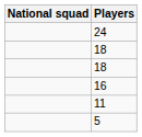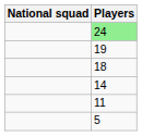 <table class="wikitable sortable">
 <tr>
 <th>National squad</th>
 <th>Players</th>
 </tr>
 <tr>
 <td></td>
-<td>24</td>
+<td style="background: lightgreen;">24</td>
+</tr>
+<tr>
+<td></td>
+<td>19</td>
 </tr>
 <tr>
 <td></td>
 <td>18</td>
 </tr>
 <tr>
 <td></td>
-<td>18</td>
-</tr>
-<tr>
-<td></td>
-<td>16</td>
+<td>14</td>
 </tr>
 <tr>
 <td></td>
 <td>11</td>
 </tr>
 <tr>
 <td></td>
 <td>5</td>
 </tr>
 </table>
